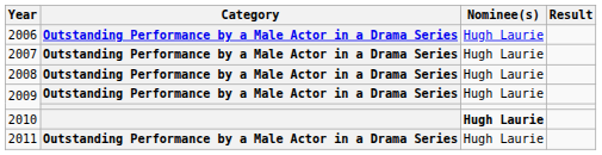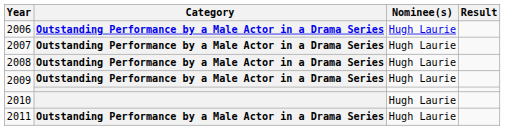 <table class="wikitable plainrowheaders">
 <tr>
 <th scope="col">Year</th>
 <th scope="col">Category</th>
 <th scope="col">Nominee(s)</th>
 <th scope="col">Result</th>
 </tr>
 <tr>
 <td>2006</td>
 <th scope="row"><a href='#'>Outstanding Performance by a Male Actor in a Drama Series</a></th>
 <td><a href='#'>Hugh Laurie</a></td>
 <td></td>
 </tr>
 <tr>
 <td>2007</td>
 <th scope="row">Outstanding Performance by a Male Actor in a Drama Series</th>
 <td>Hugh Laurie</td>
 <td></td>
 </tr>
 <tr>
 <td>2008</td>
 <th scope="row">Outstanding Performance by a Male Actor in a Drama Series</th>
 <td>Hugh Laurie</td>
 <td></td>
 </tr>
 <tr>
 <td rowspan="2">2009</td>
 <th scope="row">Outstanding Performance by a Male Actor in a Drama Series</th>
 <td>Hugh Laurie</td>
 <td></td>
 </tr>
 <tr>
 <th scope="row"></th>
 <td></td>
 <td></td>
 </tr>
 <tr>
 <td>2010</td>
 <th scope="row"></th>
-<td><strong>Hugh Laurie</strong></td>
+<td>Hugh Laurie</td>
 <td></td>
 </tr>
 <tr>
 <td>2011</td>
 <th scope="row">Outstanding Performance by a Male Actor in a Drama Series</th>
 <td>Hugh Laurie</td>
 <td></td>
 </tr>
 </table>
